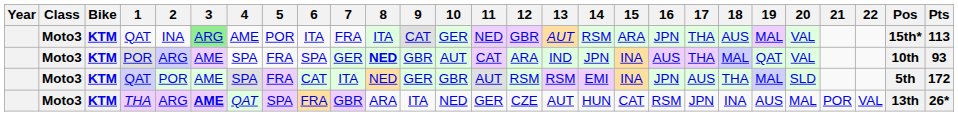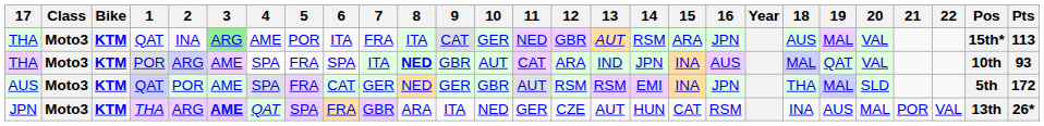 <table class="wikitable" style="text-align:center;">
 <tr>
-<th>Year</th>
+<th>17</th>
 <th>Class</th>
 <th>Bike</th>
 <th>1</th>
 <th>2</th>
 <th>3</th>
 <th>4</th>
 <th>5</th>
 <th>6</th>
 <th>7</th>
 <th>8</th>
 <th>9</th>
 <th>10</th>
 <th>11</th>
 <th>12</th>
 <th>13</th>
 <th>14</th>
 <th>15</th>
 <th>16</th>
-<th>17</th>
+<th>Year</th>
 <th>18</th>
 <th>19</th>
 <th>20</th>
 <th>21</th>
 <th>22</th>
 <th>Pos</th>
 <th>Pts</th>
 </tr>
 <tr>
-<th></th>
+<td style="background:#dfffdf;"><a href='#'>THA</a><br></td>
 <th>Moto3</th>
 <th><a href='#'>KTM</a></th>
 <td><a href='#'>QAT</a></td>
 <td><a href='#'>INA</a></td>
 <td style="background: lightgreen;"><a href='#'>ARG</a></td>
 <td><a href='#'>AME</a></td>
 <td><a href='#'>POR</a></td>
 <td><a href='#'>ITA</a></td>
 <td><a href='#'>FRA</a></td>
 <td style="background:#dfffdf;"><a href='#'>ITA</a><br></td>
 <td style="background:#dfdfdf;"><a href='#'>CAT</a><br></td>
 <td style="background:#dfffdf;"><a href='#'>GER</a><br></td>
 <td style="background:#efcfff;"><a href='#'>NED</a><br></td>
 <td style="background:#efcfff;"><a href='#'>GBR</a><br></td>
 <td style="background:#ffdf9f;"><em><a href='#'>AUT</a></em><br></td>
 <td style="background:#dfffdf;"><a href='#'>RSM</a><br></td>
 <td style="background:#dfffdf;"><a href='#'>ARA</a><br></td>
 <td style="background:#dfffdf;"><a href='#'>JPN</a><br></td>
-<td style="background:#dfffdf;"><a href='#'>THA</a><br></td>
+<th></th>
 <td style="background:#dfffdf;"><a href='#'>AUS</a><br></td>
 <td style="background:#efcfff;"><a href='#'>MAL</a><br></td>
 <td style="background:#dfffdf;"><a href='#'>VAL</a><br></td>
 <td></td>
 <td></td>
 <th>15th*</th>
 <th>113</th>
 </tr>
 <tr>
-<th></th>
+<td style="background:#efcfff;"><a href='#'>THA</a><br></td>
 <th>Moto3</th>
 <th><a href='#'>KTM</a></th>
 <td style="background:#dfdfdf;"><a href='#'>POR</a><br></td>
 <td style="background:#cfcfff;"><a href='#'>ARG</a><br></td>
 <td style="background:#efcfff;"><a href='#'>AME</a><br></td>
 <td style="background:#ffffff;"><a href='#'>SPA</a><br></td>
 <td><a href='#'>FRA</a></td>
 <td><a href='#'>SPA</a></td>
-<td style="background:#dfffdf;"><a href='#'>GER</a><br></td>
+<td style="background:#DFFFDF;"><a href='#'>ITA</a><br></td>
 <td style="background:#dfffdf;"><strong><a href='#'>NED</a></strong><br></td>
 <td style="background:#dfffdf;"><a href='#'>GBR</a><br></td>
 <td style="background:#dfffdf;"><a href='#'>AUT</a><br></td>
 <td style="background:#efcfff;"><a href='#'>CAT</a><br></td>
 <td style="background:#DFFFDF;"><a href='#'>ARA</a><br></td>
 <td style="background:#dfffdf;"><a href='#'>IND</a><br></td>
 <td style="background:#dfffdf;"><a href='#'>JPN</a><br></td>
 <td style="background:#ffdf9f;"><a href='#'>INA</a><br></td>
 <td style="background:#efcfff;"><a href='#'>AUS</a><br></td>
-<td style="background:#efcfff;"><a href='#'>THA</a><br></td>
+<th></th>
 <td style="background:#cfcfff;"><a href='#'>MAL</a><br></td>
 <td style="background:#dfffdf;"><a href='#'>QAT</a><br></td>
 <td style="background:#dfffdf;"><a href='#'>VAL</a><br></td>
 <td></td>
 <td></td>
 <th>10th</th>
 <th>93</th>
 </tr>
 <tr>
-<th></th>
+<td style="background:#DFFFDF;"><a href='#'>AUS</a><br></td>
 <th>Moto3</th>
 <th><a href='#'>KTM</a></th>
 <td style="background:#cfcfff;"><a href='#'>QAT</a><br></td>
 <td style="background:#dfffdf;"><a href='#'>POR</a><br></td>
 <td style="background:#dfffdf;"><a href='#'>AME</a><br></td>
 <td style="background:#DFDFDF;"><a href='#'>SPA</a><br></td>
 <td style="background:#EFCFFF;"><a href='#'>FRA</a><br></td>
 <td style="background:#DFFFDF;"><a href='#'>CAT</a><br></td>
-<td style="background:#DFFFDF;"><a href='#'>ITA</a><br></td>
+<td style="background:#dfffdf;"><a href='#'>GER</a><br></td>
 <td style="background:#FFDF9F;"><a href='#'>NED</a><br></td>
 <td style="background:#DFFFDF;"><a href='#'>GER</a><br></td>
 <td style="background:#DFFFDF;"><a href='#'>GBR</a><br></td>
 <td style="background:#DFDFDF;"><a href='#'>AUT</a><br></td>
 <td style="background:#dfffdf;"><a href='#'>RSM</a><br></td>
 <td style="background:#EFCFFF;"><a href='#'>RSM</a><br></td>
 <td style="background:#EFCFFF;"><a href='#'>EMI</a><br></td>
 <td style="background:#FFDF9F;"><a href='#'>INA</a><br></td>
 <td style="background:#DFFFDF;"><a href='#'>JPN</a><br></td>
-<td style="background:#DFFFDF;"><a href='#'>AUS</a><br></td>
+<th></th>
 <td style="background:#DFFFDF;"><a href='#'>THA</a><br></td>
 <td style="background:#CFCFFF;"><a href='#'>MAL</a><br></td>
 <td style="background:#DFFFDF;"><a href='#'>SLD</a><br></td>
 <td></td>
 <td></td>
 <th>5th</th>
 <th>172</th>
 </tr>
 <tr>
-<th></th>
+<td style="background:#;"><a href='#'>JPN</a><br></td>
 <th>Moto3</th>
 <th><a href='#'>KTM</a></th>
 <td style="background:#EFCFFF;"><em><a href='#'>THA</a></em><br></td>
 <td style="background:#EFCFFF;"><a href='#'>ARG</a><br></td>
 <td style="background:#EFCFFF;"><strong><a href='#'>AME</a></strong><br></td>
 <td style="background:#DFFFDF;"><em><a href='#'>QAT</a></em><br></td>
 <td style="background:#EFCFFF;"><a href='#'>SPA</a><br></td>
 <td style="background:#FFDF9F;"><a href='#'>FRA</a><br></td>
 <td style="background:#EFCFFF;"><a href='#'>GBR</a><br></td>
 <td style="background:#;"><a href='#'>ARA</a><br></td>
 <td style="background:#;"><a href='#'>ITA</a><br></td>
 <td style="background:#;"><a href='#'>NED</a><br></td>
 <td style="background:#;"><a href='#'>GER</a><br></td>
 <td style="background:#;"><a href='#'>CZE</a><br></td>
 <td style="background:#;"><a href='#'>AUT</a><br></td>
 <td style="background:#;"><a href='#'>HUN</a><br></td>
 <td style="background:#;"><a href='#'>CAT</a><br></td>
 <td style="background:#;"><a href='#'>RSM</a><br></td>
-<td style="background:#;"><a href='#'>JPN</a><br></td>
+<th></th>
 <td style="background:#;"><a href='#'>INA</a><br></td>
 <td style="background:#;"><a href='#'>AUS</a><br></td>
 <td style="background:#;"><a href='#'>MAL</a><br></td>
 <td style="background:#;"><a href='#'>POR</a><br></td>
 <td style="background:#;"><a href='#'>VAL</a><br></td>
 <th>13th</th>
 <th>26*</th>
 </tr>
 </table>
